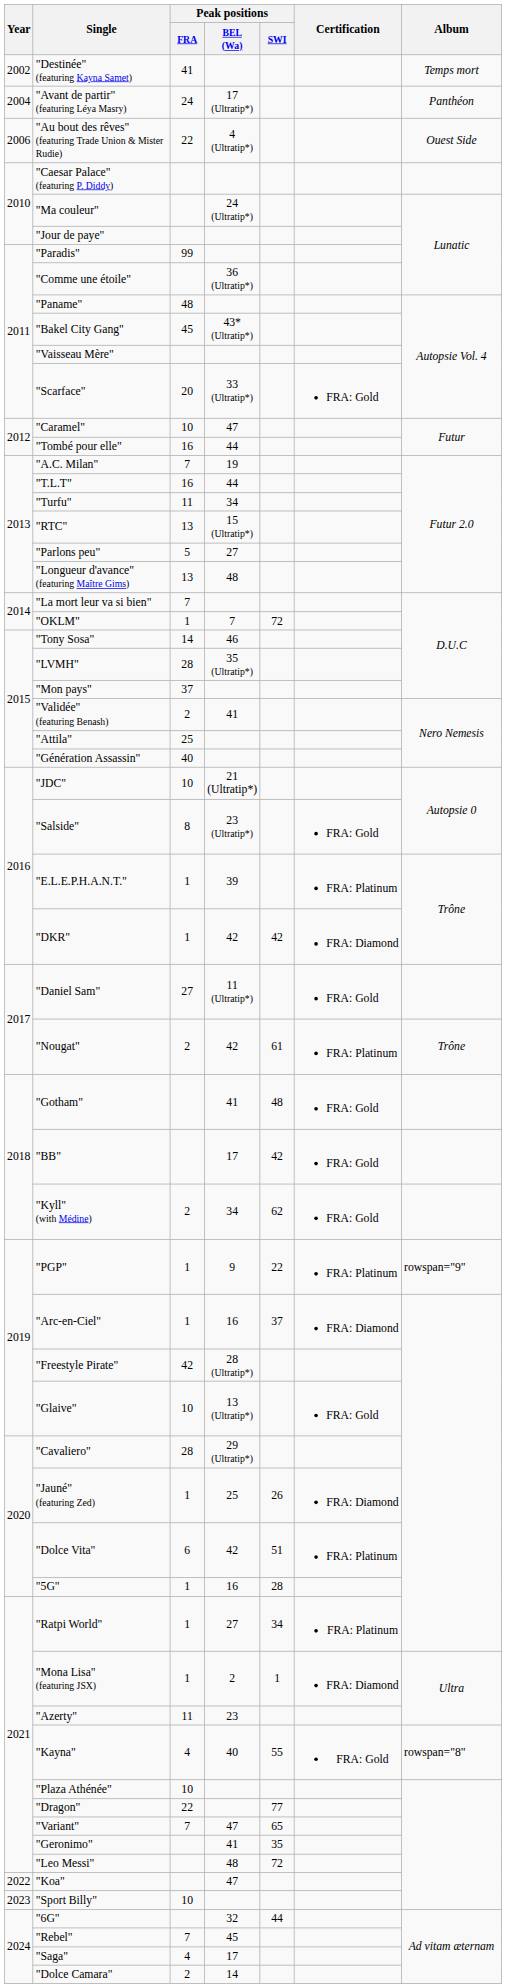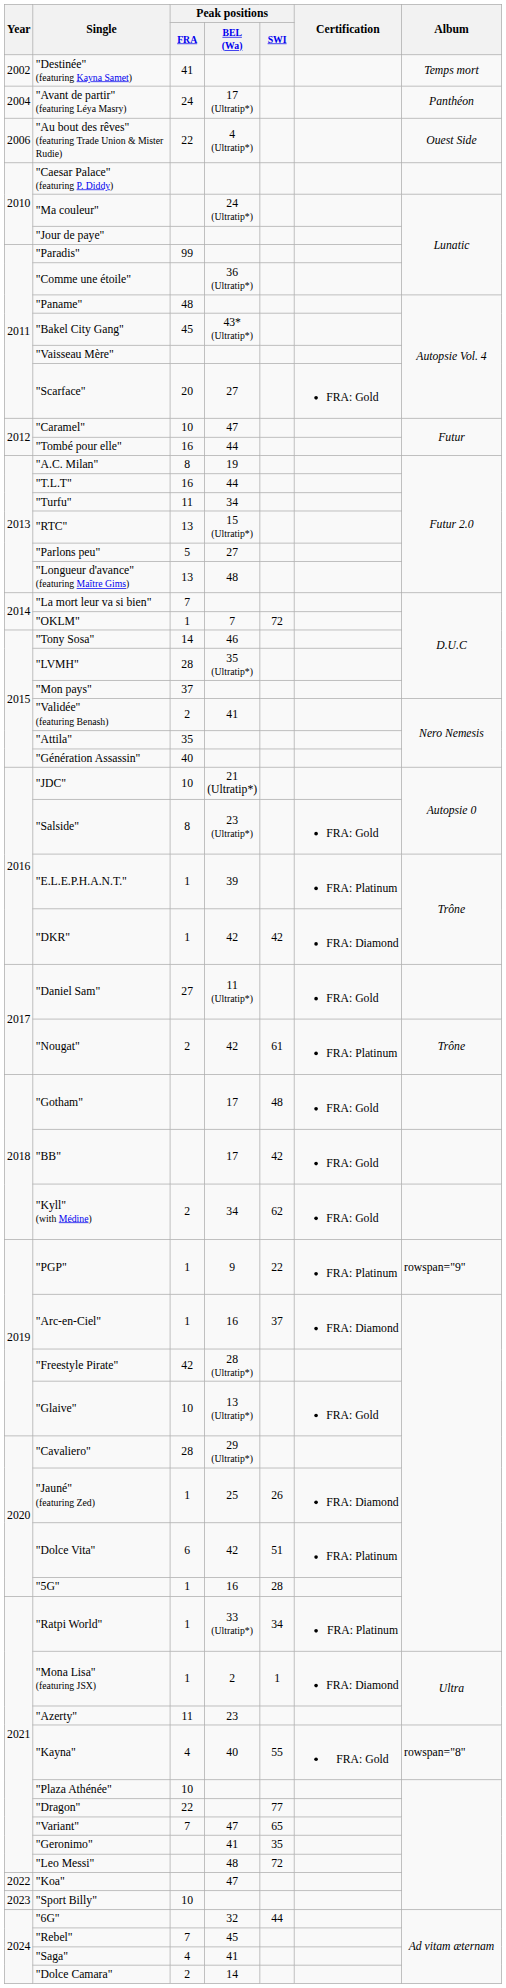 <table class="wikitable">
 <tr>
 <th rowspan="2" style="text-align:center; width:10px;">Year</th>
 <th rowspan="2" style="text-align:center; width:180px;">Single</th>
 <th style="text-align:center;" colspan="3">Peak positions</th>
 <th rowspan="2" style="text-align:center;">Certification</th>
 <th rowspan="2" style="text-align:center; width:130px;">Album</th>
 </tr>
 <tr>
 <th width="40"><small><a href='#'>FRA</a></small><br></th>
 <th width="40"><small><a href='#'>BEL<br>(Wa)</a><br></small></th>
 <th width="40"><small><a href='#'>SWI</a></small><br></th>
 </tr>
 <tr>
 <td style="text-align:center;">2002</td>
 <td>"Destinée" <br><small>(featuring <a href='#'>Kayna Samet</a>)</small></td>
 <td style="text-align:center;">41</td>
 <td style="text-align:center;"></td>
 <td style="text-align:center;"></td>
 <td style="text-align:center;"></td>
 <td style="text-align:center;"><em>Temps mort</em></td>
 </tr>
 <tr>
 <td style="text-align:center;">2004</td>
 <td>"Avant de partir" <br><small>(featuring Léya Masry)</small></td>
 <td style="text-align:center;">24</td>
 <td style="text-align:center;">17<br><small>(Ultratip*)</small></td>
 <td style="text-align:center;"></td>
 <td style="text-align:center;"></td>
 <td style="text-align:center;"><em>Panthéon</em></td>
 </tr>
 <tr>
 <td style="text-align:center;">2006</td>
 <td>"Au bout des rêves" <br><small>(featuring Trade Union & Mister Rudie)</small></td>
 <td style="text-align:center;">22</td>
 <td style="text-align:center;">4<br><small>(Ultratip*)</small></td>
 <td style="text-align:center;"></td>
 <td style="text-align:center;"></td>
 <td style="text-align:center;"><em>Ouest Side</em></td>
 </tr>
 <tr>
 <td style="text-align:center;" rowspan="3">2010</td>
 <td>"Caesar Palace" <br><small>(featuring <a href='#'>P. Diddy</a>)</small></td>
 <td style="text-align:center;"></td>
 <td style="text-align:center;"></td>
 <td style="text-align:center;"></td>
 <td style="text-align:center;"></td>
 <td style="text-align:center;"></td>
 </tr>
 <tr>
 <td>"Ma couleur"</td>
 <td style="text-align:center;"></td>
 <td style="text-align:center;">24<br><small>(Ultratip*)</small></td>
 <td style="text-align:center;"></td>
 <td style="text-align:center;"></td>
 <td style="text-align:center;" rowspan=4><em>Lunatic</em></td>
 </tr>
 <tr>
 <td>"Jour de paye"</td>
 <td style="text-align:center;"></td>
 <td style="text-align:center;"></td>
 <td style="text-align:center;"></td>
 <td style="text-align:center;"></td>
 </tr>
 <tr>
 <td style="text-align:center;" rowspan="6">2011</td>
 <td>"Paradis"</td>
 <td style="text-align:center;">99</td>
 <td style="text-align:center;"></td>
 <td style="text-align:center;"></td>
 <td style="text-align:center;"></td>
 </tr>
 <tr>
 <td>"Comme une étoile"</td>
 <td style="text-align:center;"></td>
 <td style="text-align:center;">36<br><small>(Ultratip*)</small></td>
 <td style="text-align:center;"></td>
 <td style="text-align:center;"></td>
 </tr>
 <tr>
 <td>"Paname"</td>
 <td style="text-align:center;">48</td>
 <td style="text-align:center;"></td>
 <td style="text-align:center;"></td>
 <td style="text-align:center;"></td>
 <td style="text-align:center;" rowspan=4><em>Autopsie Vol. 4</em></td>
 </tr>
 <tr>
 <td>"Bakel City Gang"</td>
 <td style="text-align:center;">45</td>
 <td style="text-align:center;">43*<small>(Ultratip*)</small></td>
 <td style="text-align:center;"></td>
 <td style="text-align:center;"></td>
 </tr>
 <tr>
 <td>"Vaisseau Mère"</td>
 <td style="text-align:center;"></td>
 <td style="text-align:center;"></td>
 <td style="text-align:center;"></td>
 <td style="text-align:center;"></td>
 </tr>
 <tr>
 <td>"Scarface"</td>
 <td style="text-align:center;">20</td>
-<td style="text-align:center;">33<br><small>(Ultratip*)</small></td>
+<td style="text-align:center;">27</td>
 <td style="text-align:center;"></td>
 <td><br><ul><li>FRA: Gold</li></ul></td>
 </tr>
 <tr>
 <td style="text-align:center;" rowspan="2">2012</td>
 <td>"Caramel"</td>
 <td style="text-align:center;">10</td>
 <td style="text-align:center;">47</td>
 <td style="text-align:center;"></td>
 <td style="text-align:center;"></td>
 <td style="text-align:center;" rowspan=2><em>Futur</em></td>
 </tr>
 <tr>
 <td>"Tombé pour elle"</td>
 <td style="text-align:center;">16</td>
 <td style="text-align:center;">44</td>
 <td style="text-align:center;"></td>
 <td style="text-align:center;"></td>
 </tr>
 <tr>
 <td style="text-align:center;" rowspan="6">2013</td>
 <td>"A.C. Milan"</td>
-<td style="text-align:center;">7</td>
+<td style="text-align:center;">8</td>
 <td style="text-align:center;">19</td>
 <td style="text-align:center;"></td>
 <td style="text-align:center;"></td>
 <td style="text-align:center;" rowspan=6><em>Futur 2.0</em></td>
 </tr>
 <tr>
 <td>"T.L.T"</td>
 <td style="text-align:center;">16</td>
 <td style="text-align:center;">44</td>
 <td style="text-align:center;"></td>
 <td style="text-align:center;"></td>
 </tr>
 <tr>
 <td>"Turfu"</td>
 <td style="text-align:center;">11</td>
 <td style="text-align:center;">34</td>
 <td style="text-align:center;"></td>
 <td style="text-align:center;"></td>
 </tr>
 <tr>
 <td>"RTC"</td>
 <td style="text-align:center;">13</td>
 <td style="text-align:center;">15<br><small>(Ultratip*)</small></td>
 <td style="text-align:center;"></td>
 <td style="text-align:center;"></td>
 </tr>
 <tr>
 <td>"Parlons peu"</td>
 <td style="text-align:center;">5</td>
 <td style="text-align:center;">27</td>
 <td style="text-align:center;"></td>
 <td style="text-align:center;"></td>
 </tr>
 <tr>
 <td>"Longueur d'avance" <br><small>(featuring <a href='#'>Maître Gims</a>)</small></td>
 <td style="text-align:center;">13</td>
 <td style="text-align:center;">48</td>
 <td style="text-align:center;"></td>
 <td style="text-align:center;"></td>
 </tr>
 <tr>
 <td style="text-align:center;" rowspan=2>2014</td>
 <td>"La mort leur va si bien"</td>
 <td style="text-align:center;">7</td>
 <td style="text-align:center;"></td>
 <td style="text-align:center;"></td>
 <td style="text-align:center;"></td>
 <td style="text-align:center;" rowspan=5><em>D.U.C</em></td>
 </tr>
 <tr>
 <td>"OKLM"</td>
 <td style="text-align:center;">1</td>
 <td style="text-align:center;">7</td>
 <td style="text-align:center;">72</td>
 <td style="text-align:center;"></td>
 </tr>
 <tr>
 <td style="text-align:center;" rowspan="6">2015</td>
 <td>"Tony Sosa"</td>
 <td style="text-align:center;">14</td>
 <td style="text-align:center;">46</td>
 <td style="text-align:center;"></td>
 <td style="text-align:center;"></td>
 </tr>
 <tr>
 <td>"LVMH"</td>
 <td style="text-align:center;">28</td>
 <td style="text-align:center;">35<br><small>(Ultratip*)</small></td>
 <td style="text-align:center;"></td>
 <td style="text-align:center;"></td>
 </tr>
 <tr>
 <td>"Mon pays"</td>
 <td style="text-align:center;">37</td>
 <td style="text-align:center;"></td>
 <td style="text-align:center;"></td>
 <td style="text-align:center;"></td>
 </tr>
 <tr>
 <td>"Validée" <br><small>(featuring Benash)</small></td>
 <td style="text-align:center;">2</td>
 <td style="text-align:center;">41</td>
 <td style="text-align:center;"></td>
 <td style="text-align:center;"></td>
 <td style="text-align:center;" rowspan=3><em>Nero Nemesis</em></td>
 </tr>
 <tr>
 <td>"Attila"</td>
-<td style="text-align:center;">25</td>
+<td style="text-align:center;">35</td>
 <td style="text-align:center;"></td>
 <td style="text-align:center;"></td>
 <td style="text-align:center;"></td>
 </tr>
 <tr>
 <td>"Génération Assassin"</td>
 <td style="text-align:center;">40</td>
 <td style="text-align:center;"></td>
 <td style="text-align:center;"></td>
 <td style="text-align:center;"></td>
 </tr>
 <tr>
 <td style="text-align:center;" rowspan=4>2016</td>
 <td>"JDC"</td>
 <td style="text-align:center;">10</td>
 <td style="text-align:center;">21<br>(Ultratip*)</td>
 <td style="text-align:center;"></td>
 <td style="text-align:center;"></td>
 <td style="text-align:center;" rowspan=2><em>Autopsie 0</em></td>
 </tr>
 <tr>
 <td>"Salside"</td>
 <td style="text-align:center;">8</td>
 <td style="text-align:center;">23<br><small>(Ultratip*)</small></td>
 <td style="text-align:center;"></td>
 <td><br><ul><li>FRA: Gold</li></ul></td>
 </tr>
 <tr>
 <td>"E.L.E.P.H.A.N.T."</td>
 <td style="text-align:center;">1</td>
 <td style="text-align:center;">39</td>
 <td style="text-align:center;"></td>
 <td><br><ul><li>FRA: Platinum</li></ul></td>
 <td style="text-align:center;" rowspan=2><em>Trône</em></td>
 </tr>
 <tr>
 <td>"DKR"</td>
 <td style="text-align:center;">1</td>
 <td style="text-align:center;">42</td>
 <td style="text-align:center;">42</td>
 <td><br><ul><li>FRA: Diamond</li></ul></td>
 </tr>
 <tr>
 <td style="text-align:center;" rowspan="2">2017</td>
 <td>"Daniel Sam"</td>
 <td style="text-align:center;">27<br></td>
 <td style="text-align:center;">11<br><small>(Ultratip*)</small></td>
 <td style="text-align:center;"></td>
 <td><br><ul><li>FRA: Gold</li></ul></td>
 <td></td>
 </tr>
 <tr>
 <td>"Nougat"</td>
 <td style="text-align:center;">2<br></td>
 <td style="text-align:center;">42</td>
 <td style="text-align:center;">61</td>
 <td><br><ul><li>FRA: Platinum</li></ul></td>
 <td style="text-align:center;"><em>Trône</em></td>
 </tr>
 <tr>
 <td style="text-align:center;" rowspan="3">2018</td>
 <td>"Gotham"</td>
 <td style="text-align:center;"></td>
-<td style="text-align:center;">41</td>
+<td style="text-align:center;">17</td>
 <td style="text-align:center;">48</td>
 <td><br><ul><li>FRA: Gold</li></ul></td>
 <td></td>
 </tr>
 <tr>
 <td>"BB"</td>
 <td style="text-align:center;"></td>
 <td style="text-align:center;">17</td>
 <td style="text-align:center;">42</td>
 <td><br><ul><li>FRA: Gold</li></ul></td>
 <td></td>
 </tr>
 <tr>
 <td>"Kyll"<br><small>(with <a href='#'>Médine</a>)</small></td>
 <td style="text-align:center;">2</td>
 <td style="text-align:center;">34</td>
 <td style="text-align:center;">62</td>
 <td><br><ul><li>FRA: Gold</li></ul></td>
 <td></td>
 </tr>
 <tr>
 <td style="text-align:center;" rowspan="4">2019</td>
 <td>"PGP"</td>
 <td style="text-align:center;">1</td>
 <td style="text-align:center;">9</td>
 <td style="text-align:center;">22</td>
 <td><br><ul><li>FRA: Platinum</li></ul></td>
 <td>rowspan="9" </td>
 </tr>
 <tr>
 <td>"Arc-en-Ciel"</td>
 <td style="text-align:center;">1</td>
 <td style="text-align:center;">16</td>
 <td style="text-align:center;">37</td>
 <td><br><ul><li>FRA: Diamond</li></ul></td>
 </tr>
 <tr>
 <td>"Freestyle Pirate"</td>
 <td style="text-align:center;">42</td>
 <td style="text-align:center;">28<br><small>(Ultratip*)</small></td>
 <td style="text-align:center;"></td>
 <td style="text-align:center;"></td>
 </tr>
 <tr>
 <td>"Glaive"</td>
 <td style="text-align:center;">10</td>
 <td style="text-align:center;">13<br><small>(Ultratip*)</small></td>
 <td style="text-align:center;"></td>
 <td><br><ul><li>FRA: Gold</li></ul></td>
 </tr>
 <tr>
 <td style="text-align:center;" rowspan="4">2020</td>
 <td>"Cavaliero"</td>
 <td style="text-align:center;">28</td>
 <td style="text-align:center;">29<br><small>(Ultratip*)</small></td>
 <td style="text-align:center;"></td>
 <td style="text-align:center;"></td>
 </tr>
 <tr>
 <td>"Jauné"<br><small>(featuring Zed)</small></td>
 <td style="text-align:center;">1</td>
 <td style="text-align:center;">25</td>
 <td style="text-align:center;">26</td>
 <td><br><ul><li>FRA: Diamond</li></ul></td>
 </tr>
 <tr>
 <td>"Dolce Vita"</td>
 <td style="text-align:center;">6</td>
 <td style="text-align:center;">42</td>
 <td style="text-align:center;">51</td>
 <td><br><ul><li>FRA: Platinum</li></ul></td>
 </tr>
 <tr>
 <td>"5G"</td>
 <td style="text-align:center;">1</td>
 <td style="text-align:center;">16</td>
 <td style="text-align:center;">28</td>
 <td style="text-align:center;"></td>
 </tr>
 <tr>
 <td style="text-align:center;" rowspan=9>2021</td>
 <td>"Ratpi World"</td>
 <td style="text-align:center;">1</td>
-<td style="text-align:center;">27</td>
+<td style="text-align:center;">33<br><small>(Ultratip*)</small></td>
 <td style="text-align:center;">34</td>
 <td style="text-align:center;"><br><ul><li>FRA: Platinum</li></ul></td>
 </tr>
 <tr>
 <td>"Mona Lisa" <br><small>(featuring JSX)</small></td>
 <td style="text-align:center;">1</td>
 <td style="text-align:center;">2</td>
 <td style="text-align:center;">1</td>
 <td style="text-align:center;"><br><ul><li>FRA: Diamond</li></ul></td>
 <td style="text-align:center;" rowspan=2><em>Ultra</em></td>
 </tr>
 <tr>
 <td>"Azerty"</td>
 <td style="text-align:center;">11</td>
 <td style="text-align:center;">23</td>
 <td style="text-align:center;"></td>
 <td style="text-align:center;"></td>
 </tr>
 <tr>
 <td>"Kayna"</td>
 <td style="text-align:center;">4</td>
 <td style="text-align:center;">40</td>
 <td style="text-align:center;">55</td>
 <td style="text-align:center;"><br><ul><li>FRA: Gold</li></ul></td>
 <td>rowspan="8" </td>
 </tr>
 <tr>
 <td>"Plaza Athénée"</td>
 <td style="text-align:center;">10</td>
 <td style="text-align:center;"></td>
 <td style="text-align:center;"></td>
 <td style="text-align:center;"></td>
 </tr>
 <tr>
 <td>"Dragon"</td>
 <td style="text-align:center;">22</td>
 <td style="text-align:center;"></td>
 <td style="text-align:center;">77</td>
 <td style="text-align:center;"></td>
 </tr>
 <tr>
 <td>"Variant"</td>
 <td style="text-align:center;">7</td>
 <td style="text-align:center;">47</td>
 <td style="text-align:center;">65</td>
 <td style="text-align:center;"></td>
 </tr>
 <tr>
 <td>"Geronimo"</td>
 <td style="text-align:center;"></td>
 <td style="text-align:center;">41</td>
 <td style="text-align:center;">35</td>
 <td style="text-align:center;"></td>
 </tr>
 <tr>
 <td>"Leo Messi"</td>
 <td style="text-align:center;"></td>
 <td style="text-align:center;">48</td>
 <td style="text-align:center;">72</td>
 <td style="text-align:center;"></td>
 </tr>
 <tr>
 <td style="text-align:center;">2022</td>
 <td>"Koa"</td>
 <td style="text-align:center;"></td>
 <td style="text-align:center;">47</td>
 <td style="text-align:center;"></td>
 <td style="text-align:center;"></td>
 </tr>
 <tr>
 <td style="text-align:center;">2023</td>
 <td>"Sport Billy"</td>
 <td style="text-align:center;">10</td>
 <td style="text-align:center;"></td>
 <td style="text-align:center;"></td>
 <td style="text-align:center;"></td>
 </tr>
 <tr>
 <td style="text-align:center;" rowspan="4">2024</td>
 <td>"6G"</td>
 <td style="text-align:center;"></td>
 <td style="text-align:center;">32</td>
 <td style="text-align:center;">44</td>
 <td style="text-align:center;"></td>
 <td style="text-align:center;" rowspan=4><em>Ad vitam æternam</em></td>
 </tr>
 <tr>
 <td>"Rebel"</td>
 <td style="text-align:center;">7</td>
 <td style="text-align:center;">45</td>
 <td style="text-align:center;"></td>
 <td style="text-align:center;"></td>
 </tr>
 <tr>
 <td>"Saga"</td>
 <td style="text-align:center;">4</td>
-<td style="text-align:center;">17</td>
+<td style="text-align:center;">41</td>
 <td style="text-align:center;"></td>
 <td style="text-align:center;"></td>
 </tr>
 <tr>
 <td>"Dolce Camara"<br></td>
 <td style="text-align:center;">2</td>
 <td style="text-align:center;">14</td>
 <td style="text-align:center;"></td>
 <td style="text-align:center;"></td>
 </tr>
 </table>
